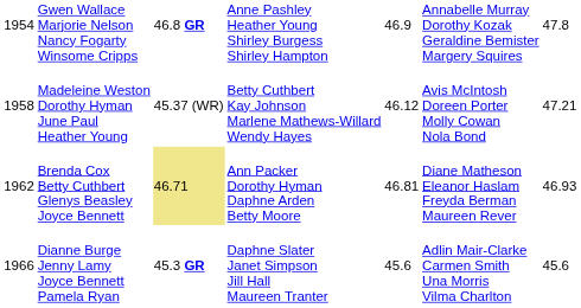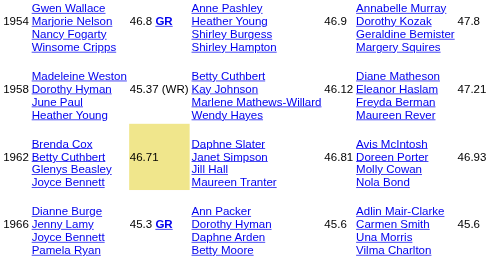 <table>
 <tr>
 <td>1954</td>
 <td><br><a href='#'>Gwen Wallace</a><br><a href='#'>Marjorie Nelson</a><br><a href='#'>Nancy Fogarty</a><br><a href='#'>Winsome Cripps</a></td>
 <td>46.8 <strong><a href='#'>GR</a></strong></td>
 <td><br><a href='#'>Anne Pashley</a><br><a href='#'>Heather Young</a><br><a href='#'>Shirley Burgess</a><br><a href='#'>Shirley Hampton</a></td>
 <td>46.9</td>
 <td><br><a href='#'>Annabelle Murray</a><br><a href='#'>Dorothy Kozak</a><br><a href='#'>Geraldine Bemister</a><br><a href='#'>Margery Squires</a></td>
 <td>47.8</td>
 </tr>
 <tr>
 <td>1958</td>
 <td><br><a href='#'>Madeleine Weston</a><br><a href='#'>Dorothy Hyman</a><br><a href='#'>June Paul</a><br><a href='#'>Heather Young</a></td>
 <td>45.37 (WR)</td>
 <td><br><a href='#'>Betty Cuthbert</a><br><a href='#'>Kay Johnson</a><br><a href='#'>Marlene Mathews-Willard</a><br><a href='#'>Wendy Hayes</a></td>
 <td>46.12</td>
-<td valign=top><br><a href='#'>Avis McIntosh</a><br><a href='#'>Doreen Porter</a><br><a href='#'>Molly Cowan</a><br><a href='#'>Nola Bond</a></td>
+<td><br><a href='#'>Diane Matheson</a><br><a href='#'>Eleanor Haslam</a><br><a href='#'>Freyda Berman</a><br><a href='#'>Maureen Rever</a></td>
 <td>47.21</td>
 </tr>
 <tr>
 <td>1962</td>
 <td valign=top><br><a href='#'>Brenda Cox</a><br><a href='#'>Betty Cuthbert</a><br><a href='#'>Glenys Beasley</a><br><a href='#'>Joyce Bennett</a></td>
 <td style="background: khaki;">46.71</td>
-<td valign=top><br><a href='#'>Ann Packer</a><br><a href='#'>Dorothy Hyman</a><br><a href='#'>Daphne Arden</a><br><a href='#'>Betty Moore</a></td>
+<td><br><a href='#'>Daphne Slater</a><br><a href='#'>Janet Simpson</a><br><a href='#'>Jill Hall</a><br><a href='#'>Maureen Tranter</a></td>
 <td>46.81</td>
-<td><br><a href='#'>Diane Matheson</a><br><a href='#'>Eleanor Haslam</a><br><a href='#'>Freyda Berman</a><br><a href='#'>Maureen Rever</a></td>
+<td valign=top><br><a href='#'>Avis McIntosh</a><br><a href='#'>Doreen Porter</a><br><a href='#'>Molly Cowan</a><br><a href='#'>Nola Bond</a></td>
 <td>46.93</td>
 </tr>
 <tr>
 <td>1966</td>
 <td><br><a href='#'>Dianne Burge</a><br><a href='#'>Jenny Lamy</a><br><a href='#'>Joyce Bennett</a><br><a href='#'>Pamela Ryan</a></td>
 <td>45.3 <strong><a href='#'>GR</a></strong></td>
-<td><br><a href='#'>Daphne Slater</a><br><a href='#'>Janet Simpson</a><br><a href='#'>Jill Hall</a><br><a href='#'>Maureen Tranter</a></td>
+<td valign=top><br><a href='#'>Ann Packer</a><br><a href='#'>Dorothy Hyman</a><br><a href='#'>Daphne Arden</a><br><a href='#'>Betty Moore</a></td>
 <td>45.6</td>
 <td><br><a href='#'>Adlin Mair-Clarke</a><br><a href='#'>Carmen Smith</a><br><a href='#'>Una Morris</a><br><a href='#'>Vilma Charlton</a></td>
 <td>45.6</td>
 </tr>
 </table>
